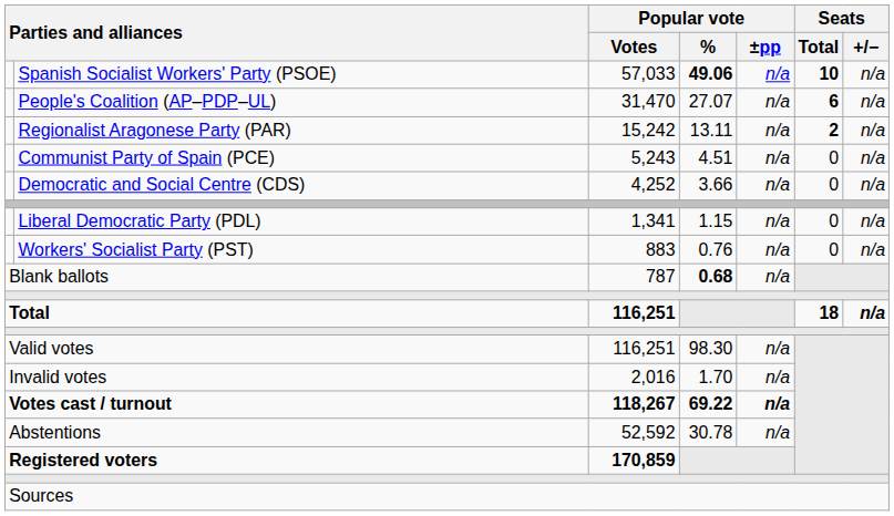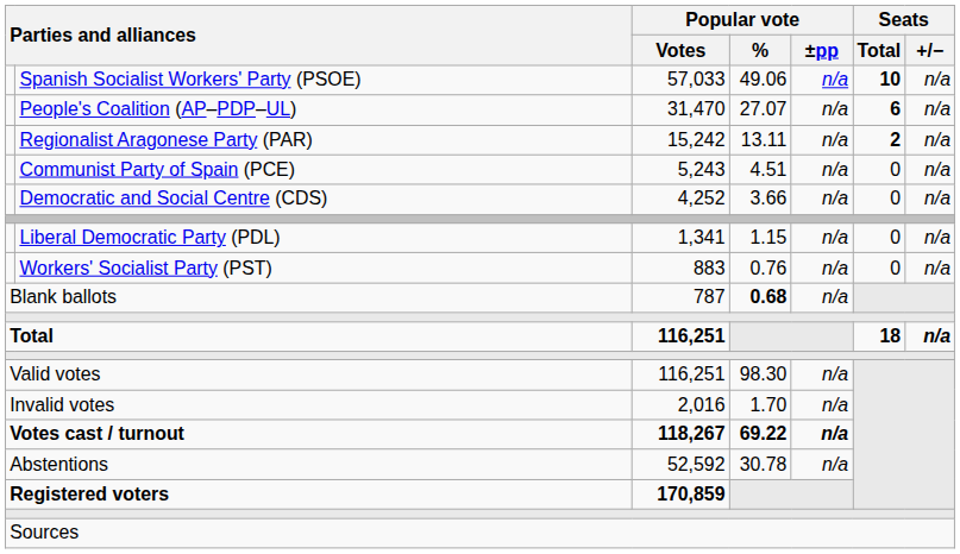 <table class="wikitable" style="text-align:right;">
 <tr>
 <th style="text-align:left;" rowspan="2" colspan="2" width="525">Parties and alliances</th>
 <th colspan="3">Popular vote</th>
 <th colspan="2">Seats</th>
 </tr>
 <tr>
 <th width="75">Votes</th>
 <th width="45">%</th>
 <th width="45">±<a href='#'>pp</a></th>
 <th width="35">Total</th>
 <th width="35">+/−</th>
 </tr>
 <tr>
 <td width="1" style="color:inherit;background:"></td>
 <td align="left"><a href='#'>Spanish Socialist Workers' Party</a> (PSOE)</td>
 <td>57,033</td>
-<td><strong>49.06</strong></td>
+<td>49.06</td>
 <td><em><a href='#'>n/a</a></em></td>
 <td><strong>10</strong></td>
 <td><em>n/a</em></td>
 </tr>
 <tr>
 <td style="color:inherit;background:"></td>
 <td align="left"><a href='#'>People's Coalition</a> (<a href='#'>AP</a>–<a href='#'>PDP</a>–<a href='#'>UL</a>)</td>
 <td>31,470</td>
 <td>27.07</td>
 <td><em>n/a</em></td>
 <td><strong>6</strong></td>
 <td><em>n/a</em></td>
 </tr>
 <tr>
 <td style="color:inherit;background:"></td>
 <td align="left"><a href='#'>Regionalist Aragonese Party</a> (PAR)</td>
 <td>15,242</td>
 <td>13.11</td>
 <td><em>n/a</em></td>
 <td><strong>2</strong></td>
 <td><em>n/a</em></td>
 </tr>
 <tr>
 <td style="color:inherit;background:"></td>
 <td align="left"><a href='#'>Communist Party of Spain</a> (PCE)</td>
 <td>5,243</td>
 <td>4.51</td>
 <td><em>n/a</em></td>
 <td>0</td>
 <td><em>n/a</em></td>
 </tr>
 <tr>
 <td style="color:inherit;background:"></td>
 <td align="left"><a href='#'>Democratic and Social Centre</a> (CDS)</td>
 <td>4,252</td>
 <td>3.66</td>
 <td><em>n/a</em></td>
 <td>0</td>
 <td><em>n/a</em></td>
 </tr>
 <tr>
 <td colspan="7" bgcolor="#C0C0C0"></td>
 </tr>
 <tr>
 <td style="color:inherit;background:"></td>
 <td align="left"><a href='#'>Liberal Democratic Party</a> (PDL)</td>
 <td>1,341</td>
 <td>1.15</td>
 <td><em>n/a</em></td>
 <td>0</td>
 <td><em>n/a</em></td>
 </tr>
 <tr>
 <td style="color:inherit;background:"></td>
 <td align="left"><a href='#'>Workers' Socialist Party</a> (PST)</td>
 <td>883</td>
 <td>0.76</td>
 <td><em>n/a</em></td>
 <td>0</td>
 <td><em>n/a</em></td>
 </tr>
 <tr>
 <td align="left" colspan="2">Blank ballots</td>
 <td>787</td>
 <td><strong>0.68</strong></td>
 <td><em>n/a</em></td>
 <td bgcolor="#E9E9E9" colspan="2"></td>
 </tr>
 <tr>
 <td colspan="7" bgcolor="#E9E9E9"></td>
 </tr>
 <tr style="font-weight:bold;">
 <td align="left" colspan="2">Total</td>
 <td>116,251</td>
 <td bgcolor="#E9E9E9" colspan="2"></td>
 <td>18</td>
 <td><em>n/a</em></td>
 </tr>
 <tr>
 <td colspan="7" bgcolor="#E9E9E9"></td>
 </tr>
 <tr>
 <td align="left" colspan="2">Valid votes</td>
 <td>116,251</td>
 <td>98.30</td>
 <td><em>n/a</em></td>
 <td bgcolor="#E9E9E9" colspan="2" rowspan="5"></td>
 </tr>
 <tr>
 <td align="left" colspan="2">Invalid votes</td>
 <td>2,016</td>
 <td>1.70</td>
 <td><em>n/a</em></td>
 </tr>
 <tr style="font-weight:bold;">
 <td align="left" colspan="2">Votes cast / turnout</td>
 <td>118,267</td>
 <td>69.22</td>
 <td><em>n/a</em></td>
 </tr>
 <tr>
 <td align="left" colspan="2">Abstentions</td>
 <td>52,592</td>
 <td>30.78</td>
 <td><em>n/a</em></td>
 </tr>
 <tr style="font-weight:bold;">
 <td align="left" colspan="2">Registered voters</td>
 <td>170,859</td>
 <td bgcolor="#E9E9E9" colspan="2"></td>
 </tr>
 <tr>
 <td colspan="7" bgcolor="#E9E9E9"></td>
 </tr>
 <tr>
 <td align="left" colspan="7">Sources</td>
 </tr>
 </table>
